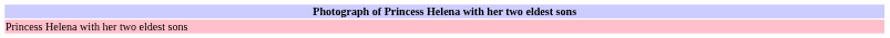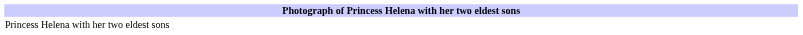 <table class="toccolours collapsible collapsed" width="100%;" align="center">
 <tr>
 <th bgcolor=ccccff>Photograph of Princess Helena with her two eldest sons</th>
 </tr>
 <tr>
-<td style="background: pink;"> Princess Helena with her two eldest sons</td>
+<td> Princess Helena with her two eldest sons</td>
 </tr>
 </table>
